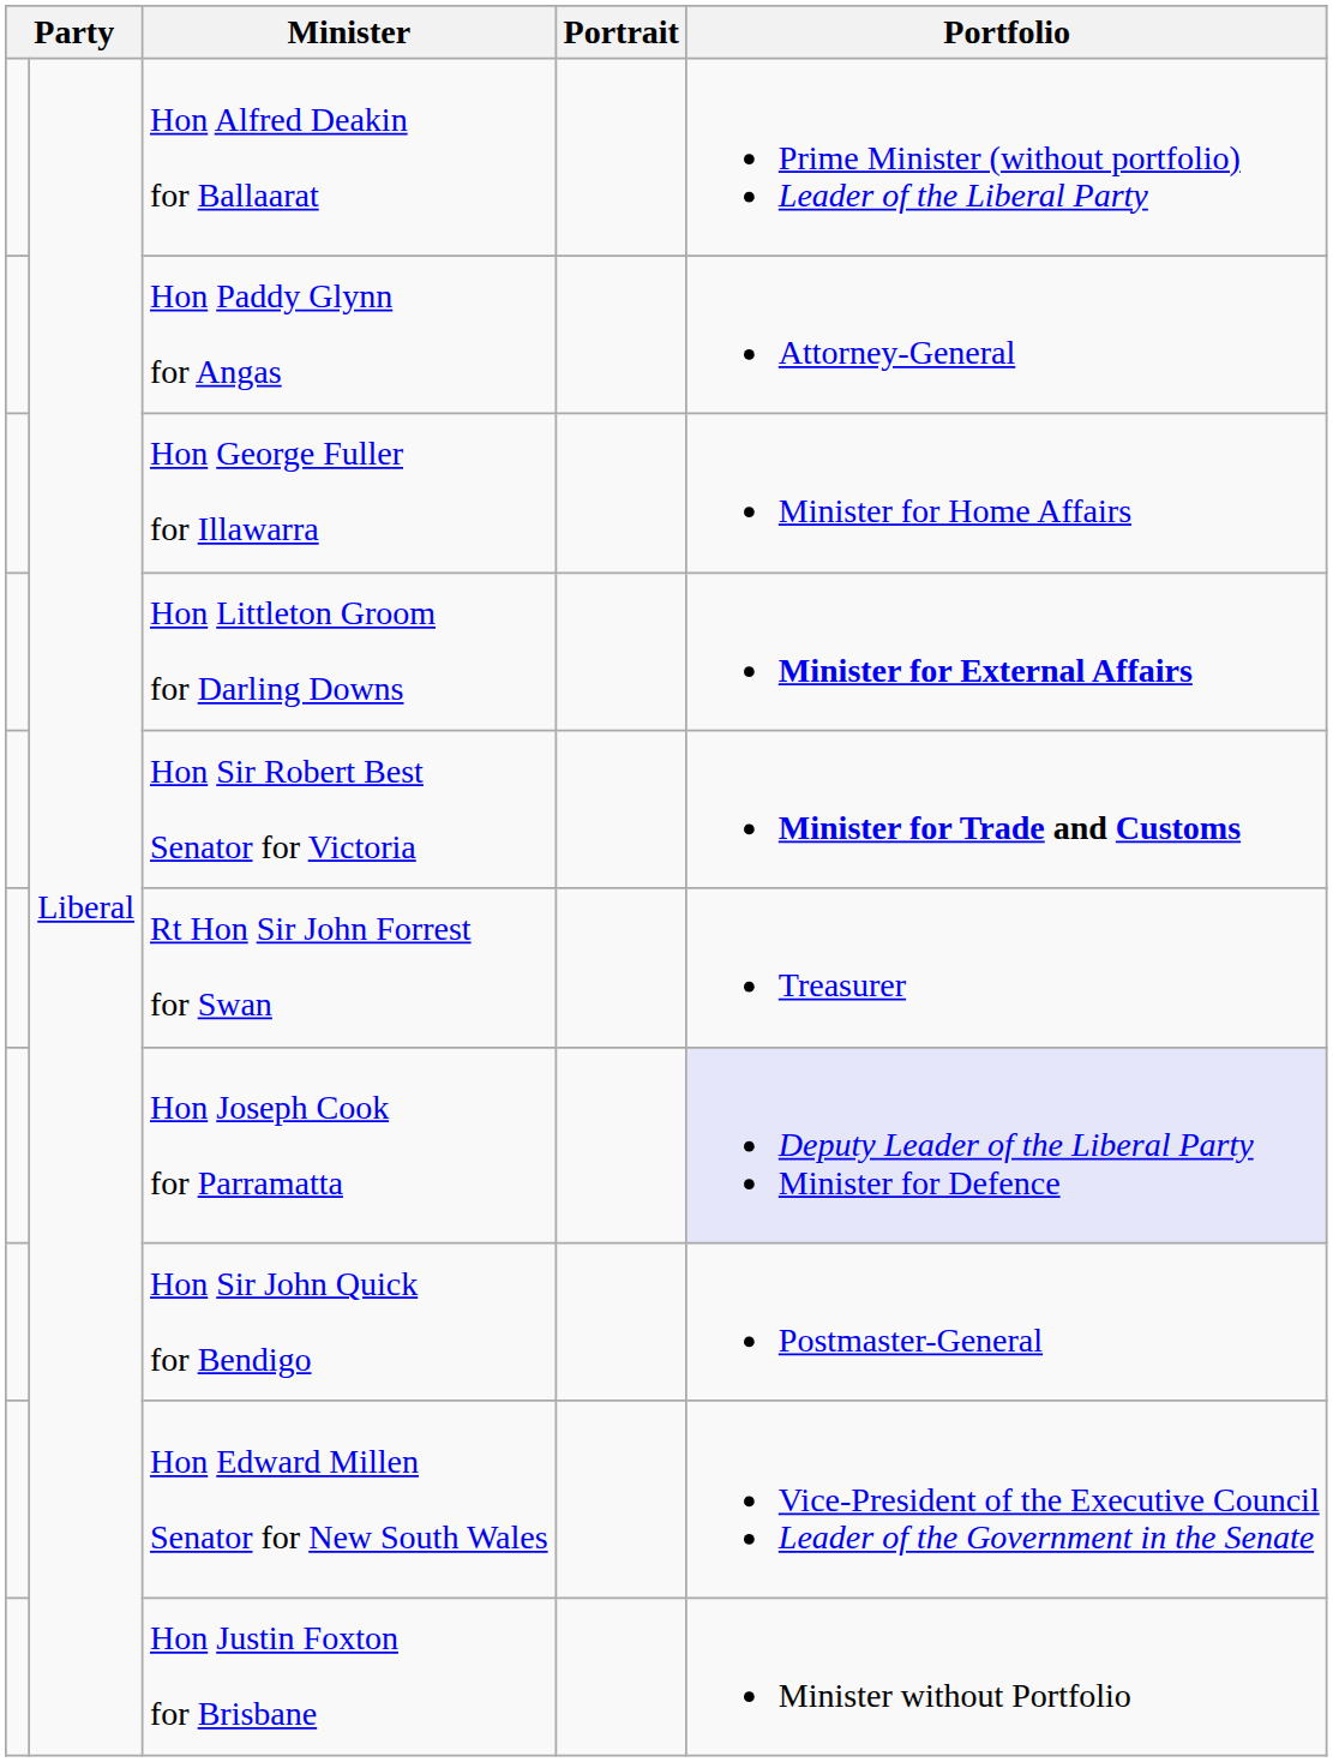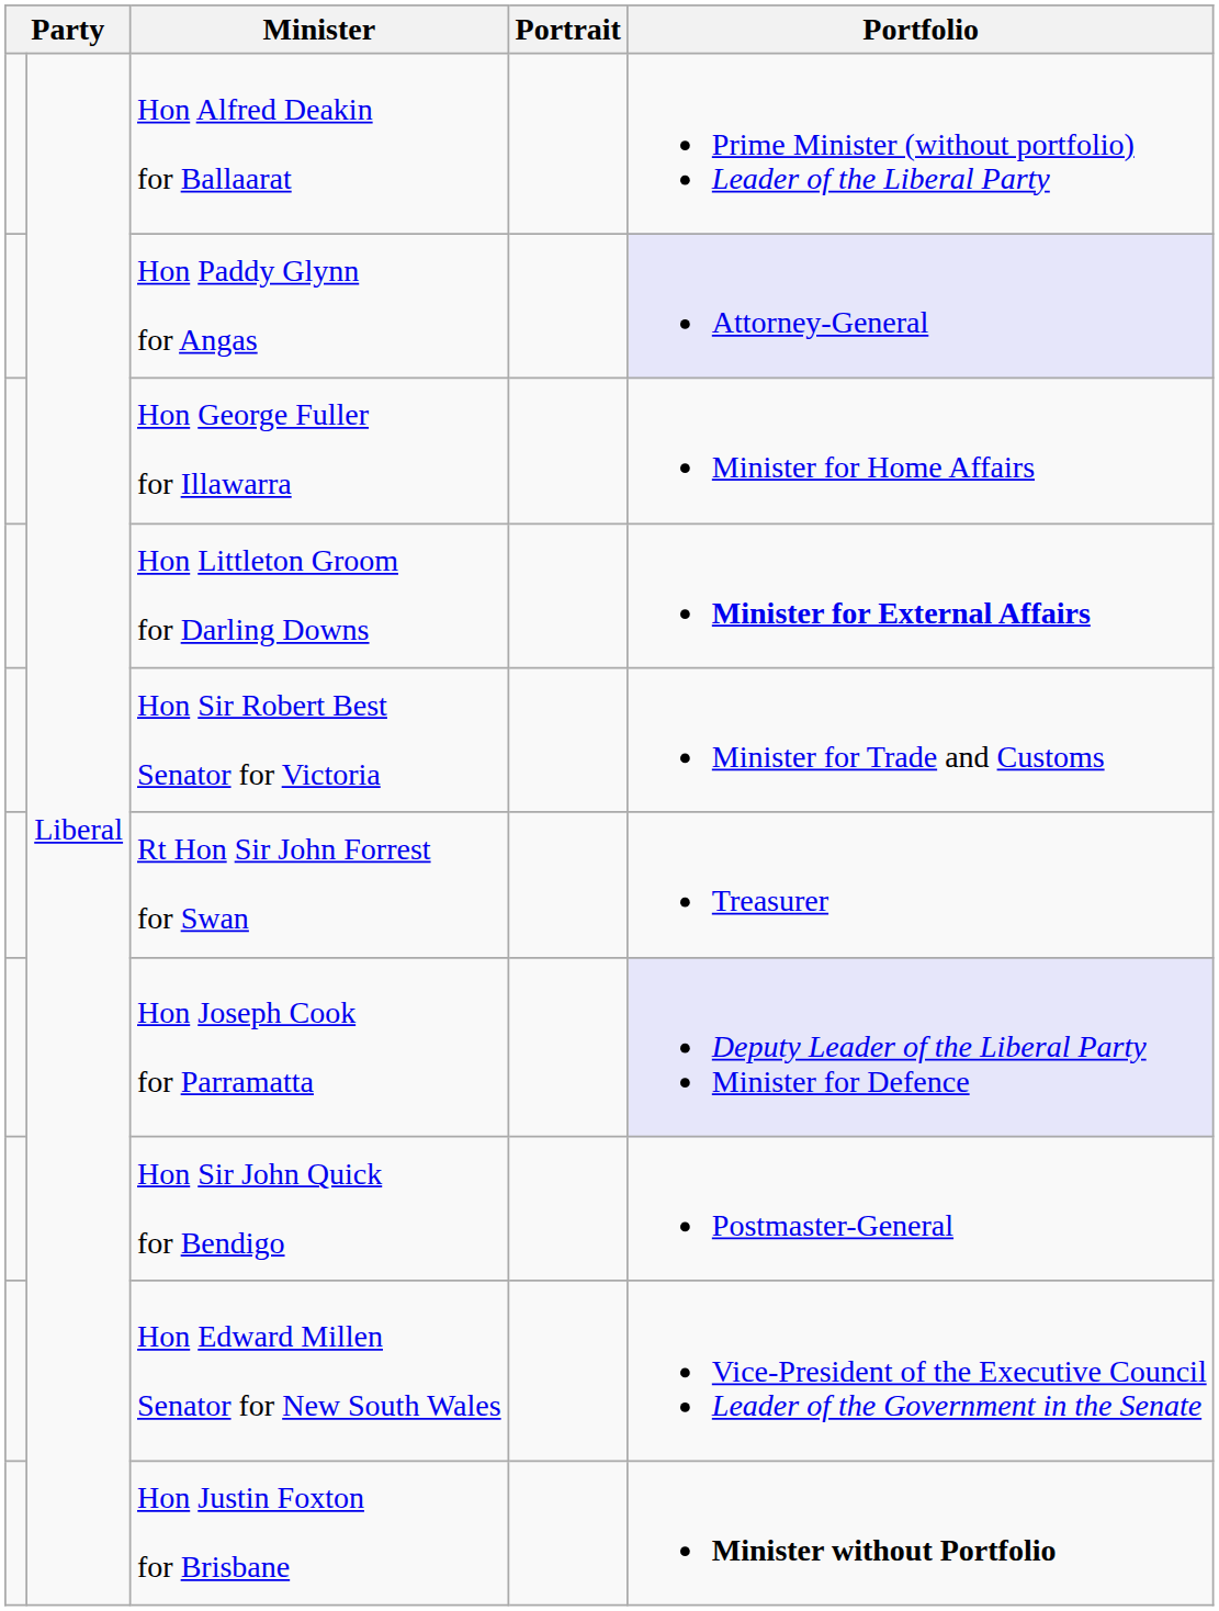 <table class="wikitable sortable">
 <tr>
 <th colspan="2">Party</th>
 <th>Minister</th>
 <th>Portrait</th>
 <th>Portfolio</th>
 </tr>
 <tr>
 <td> </td>
 <td rowspan=10><a href='#'>Liberal</a></td>
 <td><a href='#'>Hon</a> <a href='#'>Alfred Deakin</a> <br><br> for <a href='#'>Ballaarat</a> <br></td>
 <td></td>
 <td><br><ul><li><a href='#'>Prime Minister (without portfolio)</a></li><li><em><a href='#'>Leader of the Liberal Party</a></em></li></ul></td>
 </tr>
 <tr>
 <td> </td>
 <td><a href='#'>Hon</a> <a href='#'>Paddy Glynn</a> <br><br> for <a href='#'>Angas</a> <br></td>
 <td></td>
-<td><br><ul><li><a href='#'>Attorney-General</a></li></ul></td>
+<td style="background: lavender;"><br><ul><li><a href='#'>Attorney-General</a></li></ul></td>
 </tr>
 <tr>
 <td> </td>
 <td><a href='#'>Hon</a> <a href='#'>George Fuller</a> <br><br> for <a href='#'>Illawarra</a> <br></td>
 <td></td>
 <td><br><ul><li><a href='#'>Minister for Home Affairs</a></li></ul></td>
 </tr>
 <tr>
 <td> </td>
 <td><a href='#'>Hon</a> <a href='#'>Littleton Groom</a> <br><br> for <a href='#'>Darling Downs</a> <br></td>
 <td></td>
 <td><strong><br><ul><li><a href='#'>Minister for External Affairs</a></li></ul></strong></td>
 </tr>
 <tr>
 <td> </td>
 <td><a href='#'>Hon</a> <a href='#'>Sir Robert Best</a>  <br><br><a href='#'>Senator</a> for <a href='#'>Victoria</a> <br></td>
 <td></td>
-<td><strong><br><ul><li><a href='#'>Minister for Trade</a> and <a href='#'>Customs</a></li></ul></strong></td>
+<td><br><ul><li><a href='#'>Minister for Trade</a> and <a href='#'>Customs</a></li></ul></td>
 </tr>
 <tr>
 <td> </td>
 <td><a href='#'>Rt Hon</a> <a href='#'>Sir John Forrest</a>  <br><br> for <a href='#'>Swan</a> <br></td>
 <td></td>
 <td><br><ul><li><a href='#'>Treasurer</a></li></ul></td>
 </tr>
 <tr>
 <td> </td>
 <td><a href='#'>Hon</a> <a href='#'>Joseph Cook</a> <br><br> for <a href='#'>Parramatta</a> <br></td>
 <td></td>
 <td style="background: lavender;"><br><ul><li><em><a href='#'>Deputy Leader of the Liberal Party</a></em></li><li><a href='#'>Minister for Defence</a></li></ul></td>
 </tr>
 <tr>
 <td> </td>
 <td><a href='#'>Hon</a> <a href='#'>Sir John Quick</a> <br><br> for <a href='#'>Bendigo</a> <br></td>
 <td></td>
 <td><br><ul><li><a href='#'>Postmaster-General</a></li></ul></td>
 </tr>
 <tr>
 <td> </td>
 <td><a href='#'>Hon</a> <a href='#'>Edward Millen</a> <br><br><a href='#'>Senator</a> for <a href='#'>New South Wales</a> <br></td>
 <td></td>
 <td><br><ul><li><a href='#'>Vice-President of the Executive Council</a></li><li><em><a href='#'>Leader of the Government in the Senate</a></em></li></ul></td>
 </tr>
 <tr>
 <td> </td>
 <td><a href='#'>Hon</a> <a href='#'>Justin Foxton</a>  <br><br> for <a href='#'>Brisbane</a> <br></td>
 <td></td>
-<td><br><ul><li>Minister without Portfolio</li></ul></td>
+<td><strong><br><ul><li>Minister without Portfolio</li></ul></strong></td>
 </tr>
 </table>
